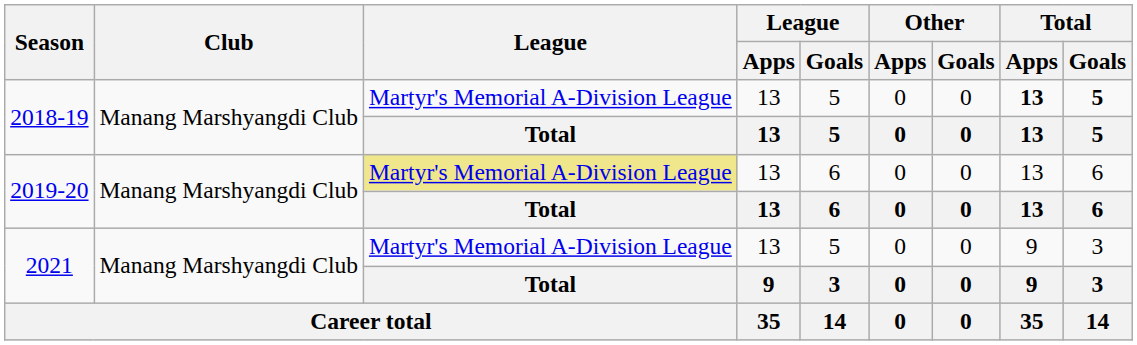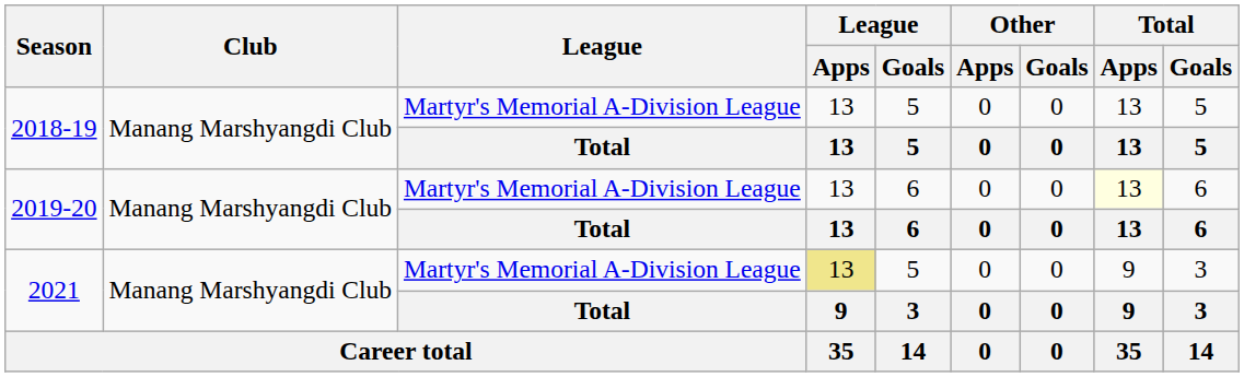 <table class="wikitable" style="text-align:center;">
 <tr>
 <th rowspan=2>Season</th>
 <th rowspan=2>Club</th>
 <th rowspan=2>League</th>
 <th colspan=2>League</th>
 <th colspan=2>Other</th>
 <th colspan=2>Total</th>
 </tr>
 <tr>
 <th>Apps</th>
 <th>Goals</th>
 <th>Apps</th>
 <th>Goals</th>
 <th>Apps</th>
 <th>Goals</th>
 </tr>
 <tr>
 <td rowspan=2><a href='#'>2018-19</a></td>
 <td rowspan=2>Manang Marshyangdi Club</td>
 <td><a href='#'>Martyr's Memorial A-Division League</a></td>
 <td>13</td>
 <td>5</td>
 <td>0</td>
 <td>0</td>
-<td><strong>13</strong></td>
-<td><strong>5</strong></td>
+<td>13</td>
+<td>5</td>
 </tr>
 <tr>
 <th>Total</th>
 <th>13</th>
 <th>5</th>
 <th>0</th>
 <th>0</th>
 <th>13</th>
 <th>5</th>
 </tr>
 <tr>
 <td rowspan=2><a href='#'>2019-20</a></td>
 <td rowspan=2>Manang Marshyangdi Club</td>
-<td style="background: khaki;"><a href='#'>Martyr's Memorial A-Division League</a></td>
+<td><a href='#'>Martyr's Memorial A-Division League</a></td>
 <td>13</td>
 <td>6</td>
 <td>0</td>
 <td>0</td>
-<td>13</td>
+<td style="background: lightyellow;">13</td>
 <td>6</td>
 </tr>
 <tr>
 <th>Total</th>
 <th>13</th>
 <th>6</th>
 <th>0</th>
 <th>0</th>
 <th>13</th>
 <th>6</th>
 </tr>
 <tr>
 <td rowspan=2><a href='#'>2021</a></td>
 <td rowspan=2>Manang Marshyangdi Club</td>
 <td><a href='#'>Martyr's Memorial A-Division League</a></td>
-<td>13</td>
+<td style="background: khaki;">13</td>
 <td>5</td>
 <td>0</td>
 <td>0</td>
 <td>9</td>
 <td>3</td>
 </tr>
 <tr>
 <th>Total</th>
 <th>9</th>
 <th>3</th>
 <th>0</th>
 <th>0</th>
 <th>9</th>
 <th>3</th>
 </tr>
 <tr>
 <th colspan="3">Career total</th>
 <th>35</th>
 <th>14</th>
 <th>0</th>
 <th>0</th>
 <th>35</th>
 <th>14</th>
 </tr>
 </table>
